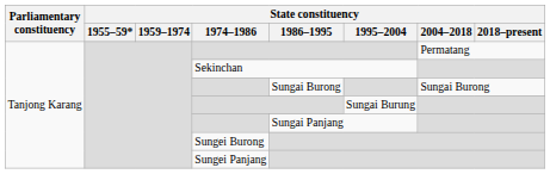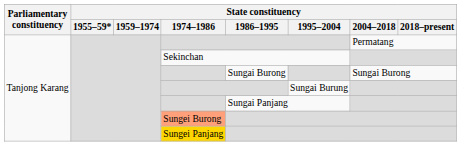 <table class="wikitable">
 <tr>
 <th rowspan="2">Parliamentary<br>constituency</th>
 <th colspan="7">State constituency</th>
 </tr>
 <tr>
 <th>1955–59*</th>
 <th>1959–1974</th>
 <th>1974–1986</th>
 <th>1986–1995</th>
 <th>1995–2004</th>
 <th>2004–2018</th>
 <th>2018–present</th>
 </tr>
 <tr>
 <td rowspan="7">Tanjong Karang</td>
 <td colspan="2" rowspan="7" bgcolor="dcdcdc"></td>
 <td colspan="3" bgcolor="dcdcdc"></td>
 <td colspan="2">Permatang</td>
 </tr>
 <tr>
 <td colspan="3">Sekinchan</td>
 <td colspan="2" bgcolor="dcdcdc"></td>
 </tr>
 <tr>
 <td bgcolor="dcdcdc"></td>
 <td>Sungai Burong</td>
 <td bgcolor="dcdcdc"></td>
 <td colspan="2">Sungai Burong</td>
 </tr>
 <tr>
 <td colspan="2" bgcolor="dcdcdc"></td>
 <td>Sungai Burung</td>
 <td colspan="2" bgcolor="dcdcdc"></td>
 </tr>
 <tr>
 <td bgcolor="dcdcdc"></td>
 <td colspan="2">Sungai Panjang</td>
 <td colspan="2" bgcolor="dcdcdc"></td>
 </tr>
 <tr>
-<td>Sungei Burong</td>
+<td style="background: lightsalmon;">Sungei Burong</td>
 <td colspan="4" bgcolor="dcdcdc"></td>
 </tr>
 <tr>
-<td>Sungei Panjang</td>
+<td style="background: gold;">Sungei Panjang</td>
 <td colspan="4" bgcolor="dcdcdc"></td>
 </tr>
 </table>
